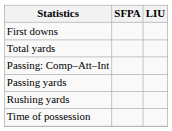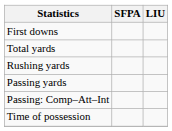 <table class="wikitable" style="float: left;">
 <tr>
 <th>Statistics</th>
 <th>SFPA</th>
 <th>LIU</th>
 </tr>
 <tr>
 <td>First downs</td>
 <td></td>
 <td></td>
 </tr>
 <tr>
 <td>Total yards</td>
 <td></td>
 <td></td>
 </tr>
 <tr>
-<td>Passing: Comp–Att–Int</td>
+<td>Rushing yards</td>
 <td></td>
 <td></td>
 </tr>
 <tr>
 <td>Passing yards</td>
 <td></td>
 <td></td>
 </tr>
 <tr>
-<td>Rushing yards</td>
+<td>Passing: Comp–Att–Int</td>
 <td></td>
 <td></td>
 </tr>
 <tr>
 <td>Time of possession</td>
 <td></td>
 <td></td>
 </tr>
 <tr>
 </tr>
 </table>
